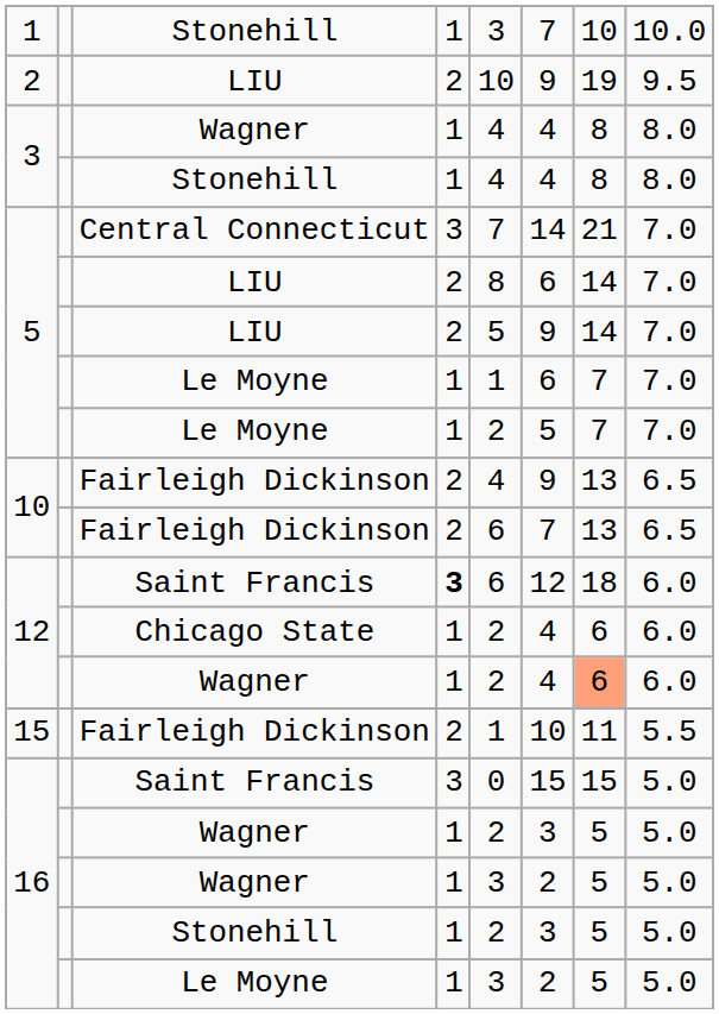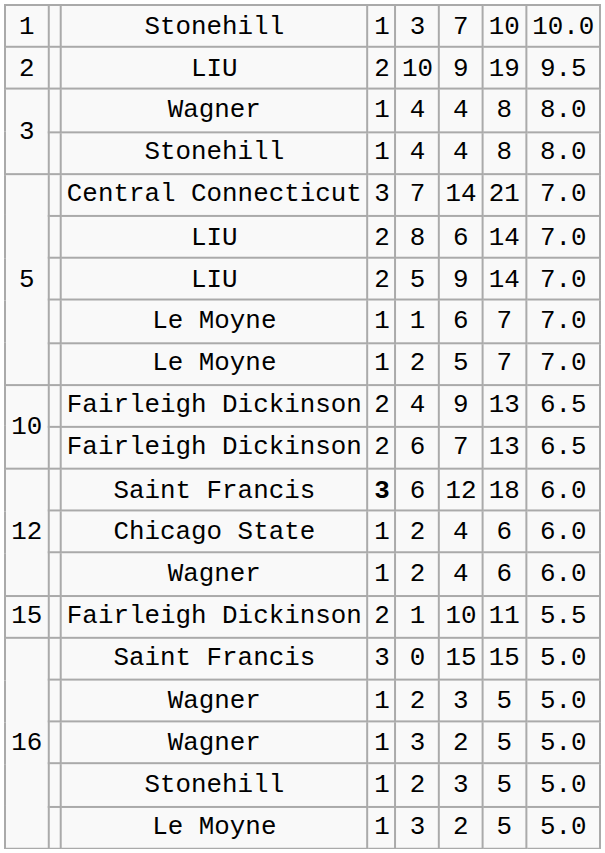 <table class="wikitable sortable" style="text-align:center">
 <tr>
 </tr>
 <tr>
 <td>1</td>
 <td></td>
 <td>Stonehill</td>
 <td>1</td>
 <td>3</td>
 <td>7</td>
 <td>10</td>
 <td>10.0</td>
 </tr>
 <tr>
 <td>2</td>
 <td></td>
 <td>LIU</td>
 <td>2</td>
 <td>10</td>
 <td>9</td>
 <td>19</td>
 <td>9.5</td>
 </tr>
 <tr>
 <td rowspan="2">3</td>
 <td></td>
 <td>Wagner</td>
 <td>1</td>
 <td>4</td>
 <td>4</td>
 <td>8</td>
 <td>8.0</td>
 </tr>
 <tr>
 <td></td>
 <td>Stonehill</td>
 <td>1</td>
 <td>4</td>
 <td>4</td>
 <td>8</td>
 <td>8.0</td>
 </tr>
 <tr>
 <td rowspan="5">5</td>
 <td></td>
 <td>Central Connecticut</td>
 <td>3</td>
 <td>7</td>
 <td>14</td>
 <td>21</td>
 <td>7.0</td>
 </tr>
 <tr>
 <td></td>
 <td>LIU</td>
 <td>2</td>
 <td>8</td>
 <td>6</td>
 <td>14</td>
 <td>7.0</td>
 </tr>
 <tr>
 <td></td>
 <td>LIU</td>
 <td>2</td>
 <td>5</td>
 <td>9</td>
 <td>14</td>
 <td>7.0</td>
 </tr>
 <tr>
 <td></td>
 <td>Le Moyne</td>
 <td>1</td>
 <td>1</td>
 <td>6</td>
 <td>7</td>
 <td>7.0</td>
 </tr>
 <tr>
 <td></td>
 <td>Le Moyne</td>
 <td>1</td>
 <td>2</td>
 <td>5</td>
 <td>7</td>
 <td>7.0</td>
 </tr>
 <tr>
 <td rowspan="2">10</td>
 <td></td>
 <td>Fairleigh Dickinson</td>
 <td>2</td>
 <td>4</td>
 <td>9</td>
 <td>13</td>
 <td>6.5</td>
 </tr>
 <tr>
 <td></td>
 <td>Fairleigh Dickinson</td>
 <td>2</td>
 <td>6</td>
 <td>7</td>
 <td>13</td>
 <td>6.5</td>
 </tr>
 <tr>
 <td rowspan="3">12</td>
 <td></td>
 <td>Saint Francis</td>
 <td><strong>3</strong></td>
 <td>6</td>
 <td>12</td>
 <td>18</td>
 <td>6.0</td>
 </tr>
 <tr>
 <td></td>
 <td>Chicago State</td>
 <td>1</td>
 <td>2</td>
 <td>4</td>
 <td>6</td>
 <td>6.0</td>
 </tr>
 <tr>
 <td></td>
 <td>Wagner</td>
 <td>1</td>
 <td>2</td>
 <td>4</td>
-<td style="background: lightsalmon;">6</td>
+<td>6</td>
 <td>6.0</td>
 </tr>
 <tr>
 <td>15</td>
 <td></td>
 <td>Fairleigh Dickinson</td>
 <td>2</td>
 <td>1</td>
 <td>10</td>
 <td>11</td>
 <td>5.5</td>
 </tr>
 <tr>
 <td rowspan="5">16</td>
 <td></td>
 <td>Saint Francis</td>
 <td>3</td>
 <td>0</td>
 <td>15</td>
 <td>15</td>
 <td>5.0</td>
 </tr>
 <tr>
 <td></td>
 <td>Wagner</td>
 <td>1</td>
 <td>2</td>
 <td>3</td>
 <td>5</td>
 <td>5.0</td>
 </tr>
 <tr>
 <td></td>
 <td>Wagner</td>
 <td>1</td>
 <td>3</td>
 <td>2</td>
 <td>5</td>
 <td>5.0</td>
 </tr>
 <tr>
 <td></td>
 <td>Stonehill</td>
 <td>1</td>
 <td>2</td>
 <td>3</td>
 <td>5</td>
 <td>5.0</td>
 </tr>
 <tr>
 <td></td>
 <td>Le Moyne</td>
 <td>1</td>
 <td>3</td>
 <td>2</td>
 <td>5</td>
 <td>5.0</td>
 </tr>
 </table>
